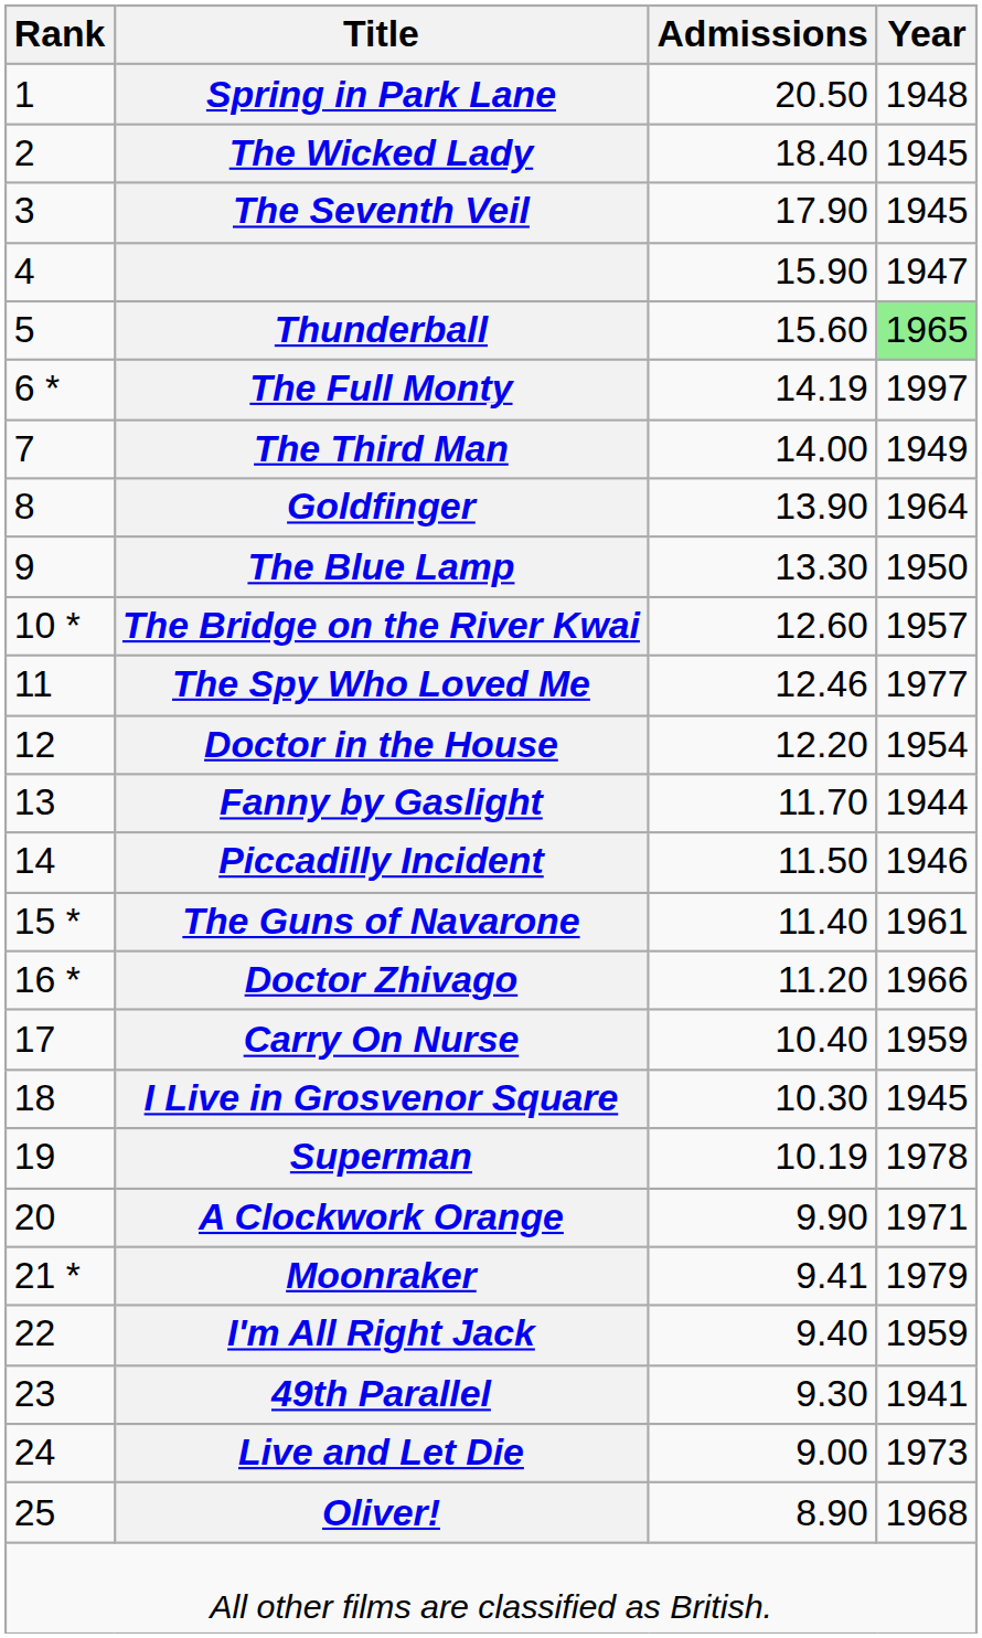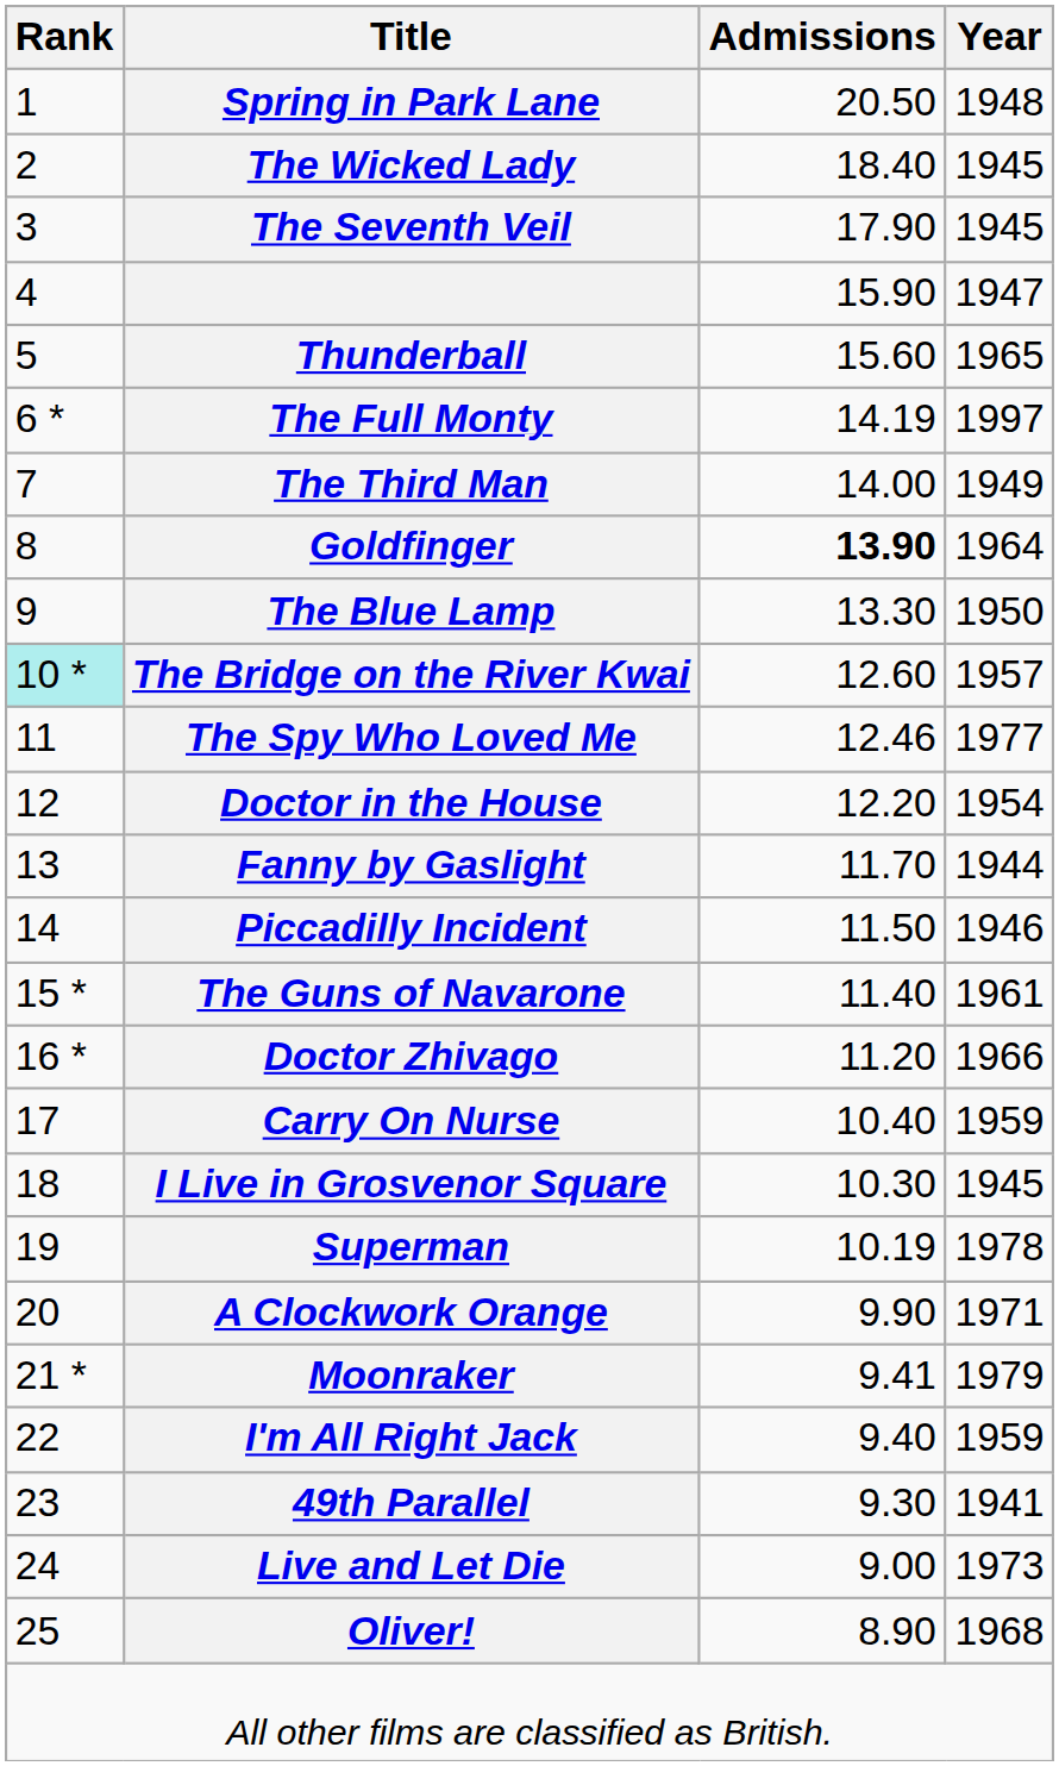 <table class="wikitable sortable plainrowheaders">
 <tr>
 <th scope="col">Rank</th>
 <th scope="col">Title</th>
 <th scope="col">Admissions<br></th>
 <th scope="col">Year</th>
 </tr>
 <tr>
 <td>1</td>
 <th scope="row"><em><a href='#'>Spring in Park Lane</a></em></th>
 <td align="right">20.50</td>
 <td style="text-align:center;">1948</td>
 </tr>
 <tr>
 <td>2</td>
 <th scope="row"><em><a href='#'>The Wicked Lady</a></em></th>
 <td align="right">18.40</td>
 <td style="text-align:center;">1945</td>
 </tr>
 <tr>
 <td>3</td>
 <th scope="row"><em><a href='#'>The Seventh Veil</a></em></th>
 <td align="right">17.90</td>
 <td style="text-align:center;">1945</td>
 </tr>
 <tr>
 <td>4</td>
 <th scope="row"><em></em></th>
 <td align="right">15.90</td>
 <td style="text-align:center;">1947</td>
 </tr>
 <tr>
 <td>5</td>
 <th scope="row"><em><a href='#'>Thunderball</a></em></th>
 <td align="right">15.60</td>
-<td style="background: lightgreen; text-align:center;">1965</td>
+<td style="text-align:center;">1965</td>
 </tr>
 <tr>
 <td>6 *</td>
 <th scope="row"><em><a href='#'>The Full Monty</a></em></th>
 <td align="right">14.19</td>
 <td style="text-align:center;">1997</td>
 </tr>
 <tr>
 <td>7</td>
 <th scope="row"><em><a href='#'>The Third Man</a></em></th>
 <td align="right">14.00</td>
 <td style="text-align:center;">1949</td>
 </tr>
 <tr>
 <td>8</td>
 <th scope="row"><em><a href='#'>Goldfinger</a></em></th>
-<td align="right">13.90</td>
+<td align="right"><strong>13.90</strong></td>
 <td style="text-align:center;">1964</td>
 </tr>
 <tr>
 <td>9</td>
 <th scope="row"><em><a href='#'>The Blue Lamp</a></em></th>
 <td align="right">13.30</td>
 <td style="text-align:center;">1950</td>
 </tr>
 <tr>
-<td>10 *</td>
+<td style="background: paleturquoise;">10 *</td>
 <th scope="row"><em><a href='#'>The Bridge on the River Kwai</a></em></th>
 <td align="right">12.60</td>
 <td style="text-align:center;">1957</td>
 </tr>
 <tr>
 <td>11</td>
 <th scope="row"><em><a href='#'>The Spy Who Loved Me</a></em></th>
 <td align="right">12.46</td>
 <td style="text-align:center;">1977</td>
 </tr>
 <tr>
 <td>12</td>
 <th scope="row"><em><a href='#'>Doctor in the House</a></em></th>
 <td align="right">12.20</td>
 <td style="text-align:center;">1954</td>
 </tr>
 <tr>
 <td>13</td>
 <th scope="row"><em><a href='#'>Fanny by Gaslight</a></em></th>
 <td align="right">11.70</td>
 <td style="text-align:center;">1944</td>
 </tr>
 <tr>
 <td>14</td>
 <th scope="row"><em><a href='#'>Piccadilly Incident</a></em></th>
 <td align="right">11.50</td>
 <td style="text-align:center;">1946</td>
 </tr>
 <tr>
 <td>15 *</td>
 <th scope="row"><em><a href='#'>The Guns of Navarone</a></em></th>
 <td align="right">11.40</td>
 <td style="text-align:center;">1961</td>
 </tr>
 <tr>
 <td>16 *</td>
 <th scope="row"><em><a href='#'>Doctor Zhivago</a></em></th>
 <td align="right">11.20</td>
 <td style="text-align:center;">1966</td>
 </tr>
 <tr>
 <td>17</td>
 <th scope="row"><em><a href='#'>Carry On Nurse</a></em></th>
 <td align="right">10.40</td>
 <td style="text-align:center;">1959</td>
 </tr>
 <tr>
 <td>18</td>
 <th scope="row"><em><a href='#'>I Live in Grosvenor Square</a></em></th>
 <td align="right">10.30</td>
 <td style="text-align:center;">1945</td>
 </tr>
 <tr>
 <td>19</td>
 <th scope="row"><em><a href='#'>Superman</a></em></th>
 <td align="right">10.19</td>
 <td style="text-align:center;">1978</td>
 </tr>
 <tr>
 <td>20</td>
 <th scope="row"><em><a href='#'>A Clockwork Orange</a></em></th>
 <td align="right">9.90</td>
 <td style="text-align:center;">1971</td>
 </tr>
 <tr>
 <td>21 *</td>
 <th scope="row"><em><a href='#'>Moonraker</a></em></th>
 <td align="right">9.41</td>
 <td style="text-align:center;">1979</td>
 </tr>
 <tr>
 <td>22</td>
 <th scope="row"><em><a href='#'>I'm All Right Jack</a></em></th>
 <td align="right">9.40</td>
 <td style="text-align:center;">1959</td>
 </tr>
 <tr>
 <td>23</td>
 <th scope="row"><em><a href='#'>49th Parallel</a></em></th>
 <td align="right">9.30</td>
 <td style="text-align:center;">1941</td>
 </tr>
 <tr>
 <td>24</td>
 <th scope="row"><em><a href='#'>Live and Let Die</a></em></th>
 <td align="right">9.00</td>
 <td style="text-align:center;">1973</td>
 </tr>
 <tr>
 <td>25</td>
 <th scope="row"><em><a href='#'>Oliver!</a></em></th>
 <td align="right">8.90</td>
 <td style="text-align:center;">1968</td>
 </tr>
 <tr class="sortbottom" style="text-align:center; font-size:90%">
 <td colspan="4"><em><br>All other films are classified as British.</em></td>
 </tr>
 </table>
